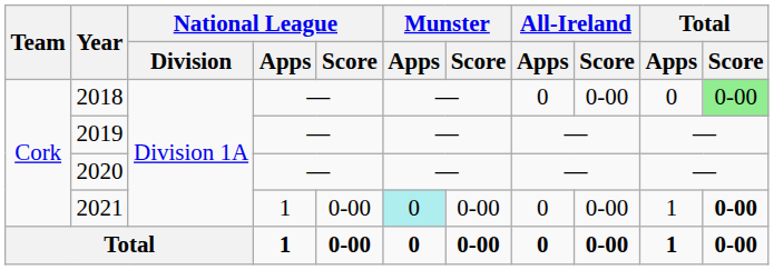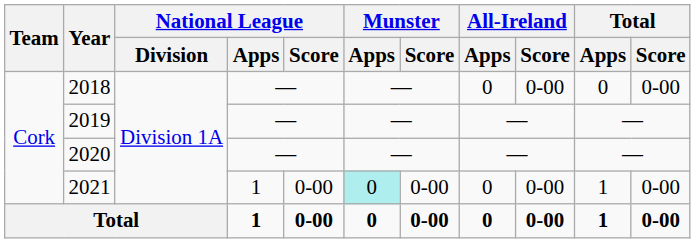 <table class="wikitable" style="text-align:center">
 <tr>
 <th rowspan="2">Team</th>
 <th rowspan="2">Year</th>
 <th colspan="3"><a href='#'>National League</a></th>
 <th colspan="2"><a href='#'>Munster</a></th>
 <th colspan="2"><a href='#'>All-Ireland</a></th>
 <th colspan="2">Total</th>
 </tr>
 <tr>
 <th>Division</th>
 <th>Apps</th>
 <th>Score</th>
 <th>Apps</th>
 <th>Score</th>
 <th>Apps</th>
 <th>Score</th>
 <th>Apps</th>
 <th>Score</th>
 </tr>
 <tr>
 <td rowspan="4"><a href='#'>Cork</a></td>
 <td>2018</td>
 <td rowspan="4"><a href='#'>Division 1A</a></td>
 <td colspan=2>—</td>
 <td colspan=2>—</td>
 <td>0</td>
 <td>0-00</td>
 <td>0</td>
-<td style="background: lightgreen;">0-00</td>
+<td>0-00</td>
 </tr>
 <tr>
 <td>2019</td>
 <td colspan=2>—</td>
 <td colspan=2>—</td>
 <td colspan=2>—</td>
 <td colspan=2>—</td>
 </tr>
 <tr>
 <td>2020</td>
 <td colspan=2>—</td>
 <td colspan=2>—</td>
 <td colspan=2>—</td>
 <td colspan=2>—</td>
 </tr>
 <tr>
 <td>2021</td>
 <td>1</td>
 <td>0-00</td>
 <td style="background: paleturquoise;">0</td>
 <td>0-00</td>
 <td>0</td>
 <td>0-00</td>
 <td>1</td>
-<td><strong>0-00</strong></td>
+<td>0-00</td>
 </tr>
 <tr>
 <th colspan="3">Total</th>
 <td><strong>1</strong></td>
 <td><strong>0-00</strong></td>
 <td><strong>0</strong></td>
 <td><strong>0-00</strong></td>
 <td><strong>0</strong></td>
 <td><strong>0-00</strong></td>
 <td><strong>1</strong></td>
 <td><strong>0-00</strong></td>
 </tr>
 </table>
